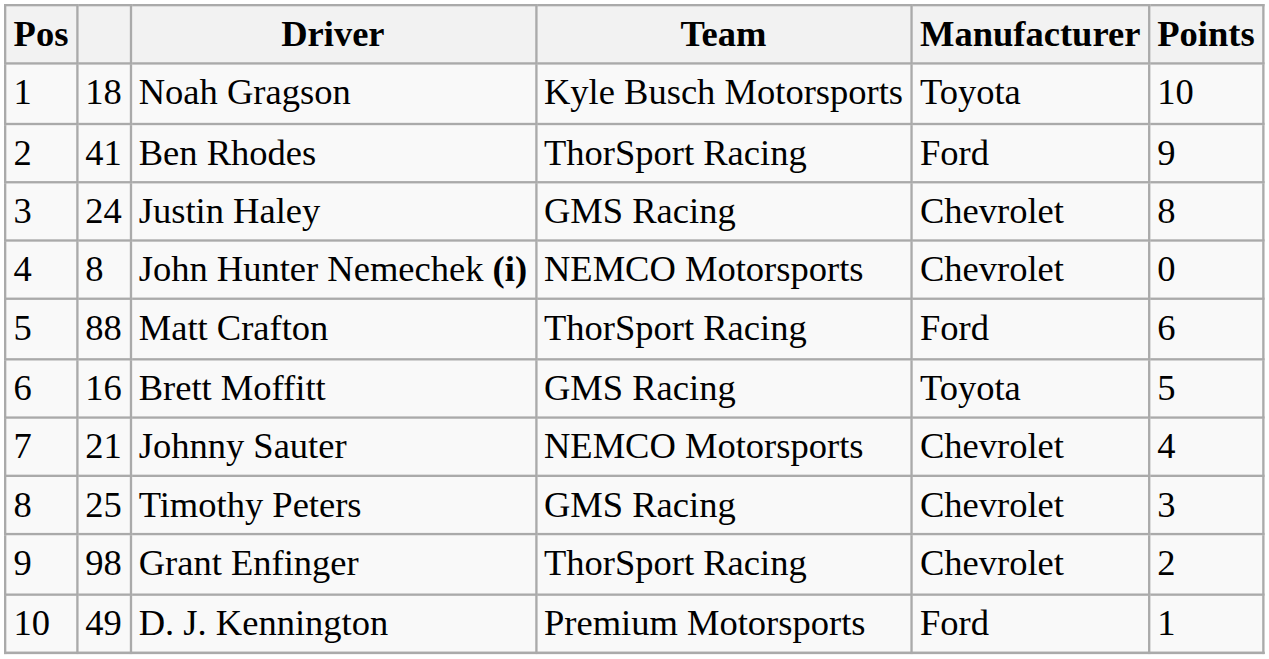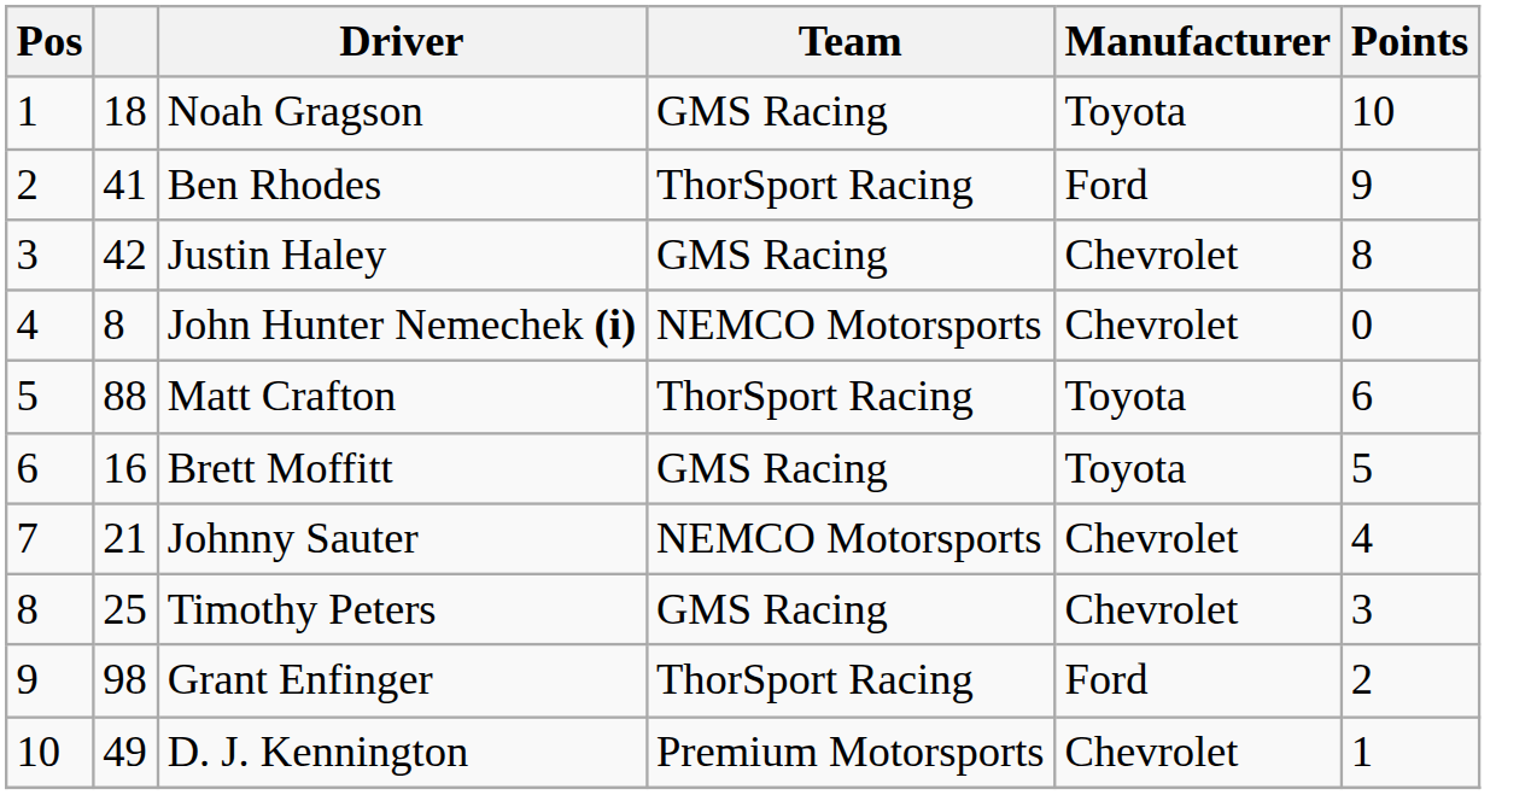 <table class="wikitable" style="font-size:98%">
 <tr>
 <th>Pos</th>
 <th></th>
 <th>Driver</th>
 <th>Team</th>
 <th>Manufacturer</th>
 <th>Points</th>
 </tr>
 <tr>
 <td>1</td>
 <td>18</td>
 <td>Noah Gragson</td>
-<td>Kyle Busch Motorsports</td>
+<td>GMS Racing</td>
 <td>Toyota</td>
 <td>10</td>
 </tr>
 <tr>
 <td>2</td>
 <td>41</td>
 <td>Ben Rhodes</td>
 <td>ThorSport Racing</td>
 <td>Ford</td>
 <td>9</td>
 </tr>
 <tr>
 <td>3</td>
-<td>24</td>
+<td>42</td>
 <td>Justin Haley</td>
 <td>GMS Racing</td>
 <td>Chevrolet</td>
 <td>8</td>
 </tr>
 <tr>
 <td>4</td>
 <td>8</td>
 <td>John Hunter Nemechek <strong>(i)</strong></td>
 <td>NEMCO Motorsports</td>
 <td>Chevrolet</td>
 <td>0</td>
 </tr>
 <tr>
 <td>5</td>
 <td>88</td>
 <td>Matt Crafton</td>
 <td>ThorSport Racing</td>
-<td>Ford</td>
+<td>Toyota</td>
 <td>6</td>
 </tr>
 <tr>
 <td>6</td>
 <td>16</td>
 <td>Brett Moffitt</td>
 <td>GMS Racing</td>
 <td>Toyota</td>
 <td>5</td>
 </tr>
 <tr>
 <td>7</td>
 <td>21</td>
 <td>Johnny Sauter</td>
 <td>NEMCO Motorsports</td>
 <td>Chevrolet</td>
 <td>4</td>
 </tr>
 <tr>
 <td>8</td>
 <td>25</td>
 <td>Timothy Peters</td>
 <td>GMS Racing</td>
 <td>Chevrolet</td>
 <td>3</td>
 </tr>
 <tr>
 <td>9</td>
 <td>98</td>
 <td>Grant Enfinger</td>
 <td>ThorSport Racing</td>
-<td>Chevrolet</td>
+<td>Ford</td>
 <td>2</td>
 </tr>
 <tr>
 <td>10</td>
 <td>49</td>
 <td>D. J. Kennington</td>
 <td>Premium Motorsports</td>
-<td>Ford</td>
+<td>Chevrolet</td>
 <td>1</td>
 </tr>
 <tr>
 </tr>
 </table>
